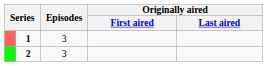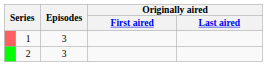 <table class="wikitable plainrowheaders" style="text-align:center;">
 <tr>
 <th scope="col" style="padding:0 9px;" rowspan="2" colspan="2">Series</th>
 <th scope="col" style="padding:0 9px;" colspan="2" rowspan="2">Episodes</th>
 <th scope="col" style="padding:0 90px;" colspan="2">Originally aired</th>
 </tr>
 <tr>
 <th scope="col"><a href='#'>First aired</a></th>
 <th scope="col"><a href='#'>Last aired</a></th>
 </tr>
 <tr>
 <td scope="row" style="background:#FF5F5F;"></td>
-<td><strong>1</strong></td>
+<td>1</td>
 <td colspan="2">3</td>
 <td></td>
 <td></td>
 </tr>
 <tr>
 <td scope="row" style="background:#00FF00;"></td>
-<td><strong>2</strong></td>
+<td>2</td>
 <td colspan="2">3</td>
 <td></td>
 <td></td>
 </tr>
 </table>
